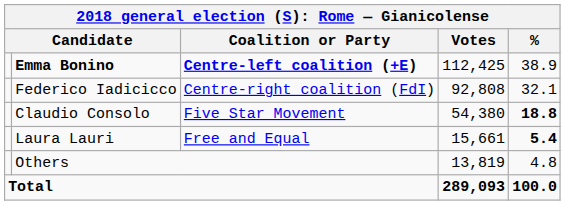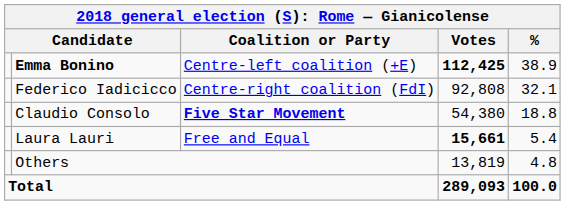 <table class=wikitable style=text-align:right>
 <tr>
 <th colspan=5><a href='#'>2018 general election</a> (<a href='#'>S</a>): <a href='#'>Rome</a> — Gianicolense</th>
 </tr>
 <tr>
 <th colspan=2>Candidate</th>
 <th>Coalition or Party</th>
 <th>Votes</th>
 <th>%</th>
 </tr>
 <tr>
 <td></td>
 <td align=left><strong>Emma Bonino</strong></td>
-<td align=left><strong><a href='#'>Centre-left coalition</a> (<a href='#'>+E</a>)</strong></td>
-<td>112,425</td>
+<td align=left><a href='#'>Centre-left coalition</a> (<a href='#'>+E</a>)</td>
+<td><strong>112,425</strong></td>
 <td>38.9</td>
 </tr>
 <tr>
 <td></td>
 <td align=left>Federico Iadicicco</td>
 <td align=left><a href='#'>Centre-right coalition</a> (<a href='#'>FdI</a>)</td>
 <td>92,808</td>
 <td>32.1</td>
 </tr>
 <tr>
 <td></td>
 <td align=left>Claudio Consolo</td>
-<td align=left><a href='#'>Five Star Movement</a></td>
+<td align=left><strong><a href='#'>Five Star Movement</a></strong></td>
 <td>54,380</td>
-<td><strong>18.8</strong></td>
+<td>18.8</td>
 </tr>
 <tr>
 <td></td>
 <td align=left>Laura Lauri</td>
 <td align=left><a href='#'>Free and Equal</a></td>
-<td>15,661</td>
-<td><strong>5.4</strong></td>
+<td><strong>15,661</strong></td>
+<td>5.4</td>
 </tr>
 <tr>
 <td></td>
 <td align=left colspan=2>Others</td>
 <td>13,819</td>
 <td>4.8</td>
 </tr>
 <tr>
 <td align=left colspan=3><strong>Total</strong></td>
 <td><strong>289,093</strong></td>
 <td><strong>100.0</strong></td>
 </tr>
 </table>
